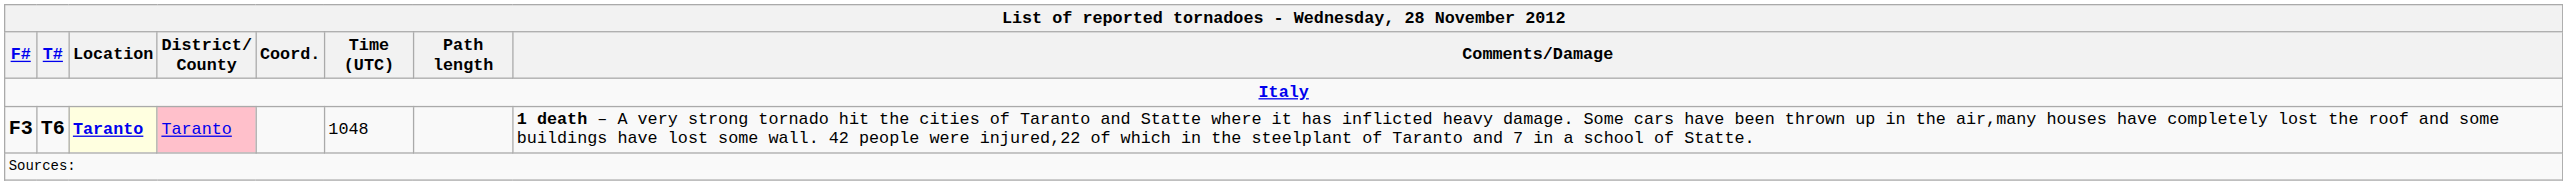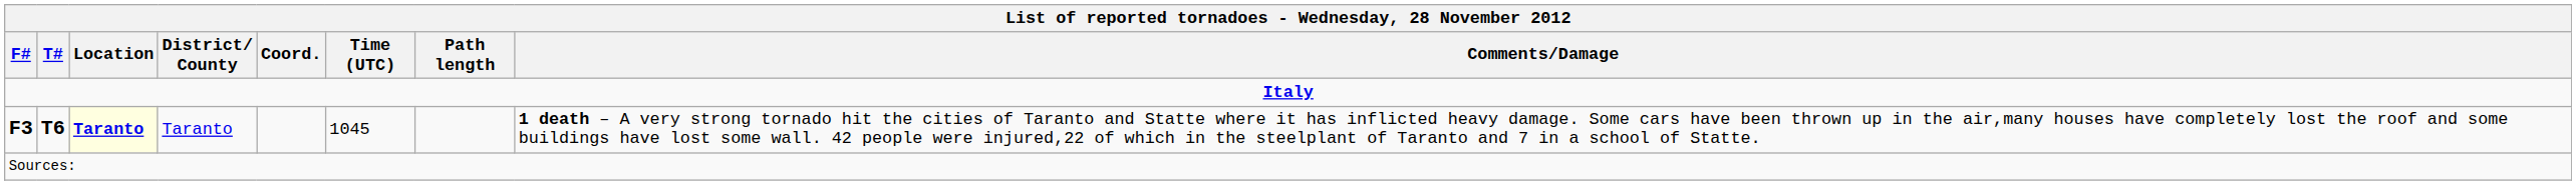 <table class="wikitable collapsible" width="100%">
 <tr>
 <th colspan="8">List of reported tornadoes - Wednesday, 28 November 2012</th>
 </tr>
 <tr>
 <th><a href='#'>F#</a></th>
 <th><a href='#'>T#</a></th>
 <th>Location</th>
 <th>District/<br>County</th>
 <th>Coord.</th>
 <th>Time (UTC)</th>
 <th>Path length</th>
 <th>Comments/Damage</th>
 </tr>
 <tr>
 <td colspan="8" align=center><strong><a href='#'>Italy</a></strong></td>
 </tr>
 <tr>
 <td><big><strong>F3</strong></big></td>
 <td><big><strong>T6</strong></big></td>
 <td style="background: lightyellow;"><strong><a href='#'>Taranto</a></strong></td>
-<td style="background: pink;"><a href='#'>Taranto</a></td>
+<td><a href='#'>Taranto</a></td>
 <td></td>
-<td>1048</td>
+<td>1045</td>
 <td></td>
 <td><strong>1 death</strong> – A very strong tornado hit the cities of Taranto and Statte where it has inflicted heavy damage. Some cars have been thrown up in the air,many houses have completely lost the roof and some buildings have lost some wall. 42 people were injured,22 of which in the steelplant of Taranto and 7 in a school of Statte.</td>
 </tr>
 <tr>
 <td colspan="8"><small>Sources:  </small></td>
 </tr>
 </table>
